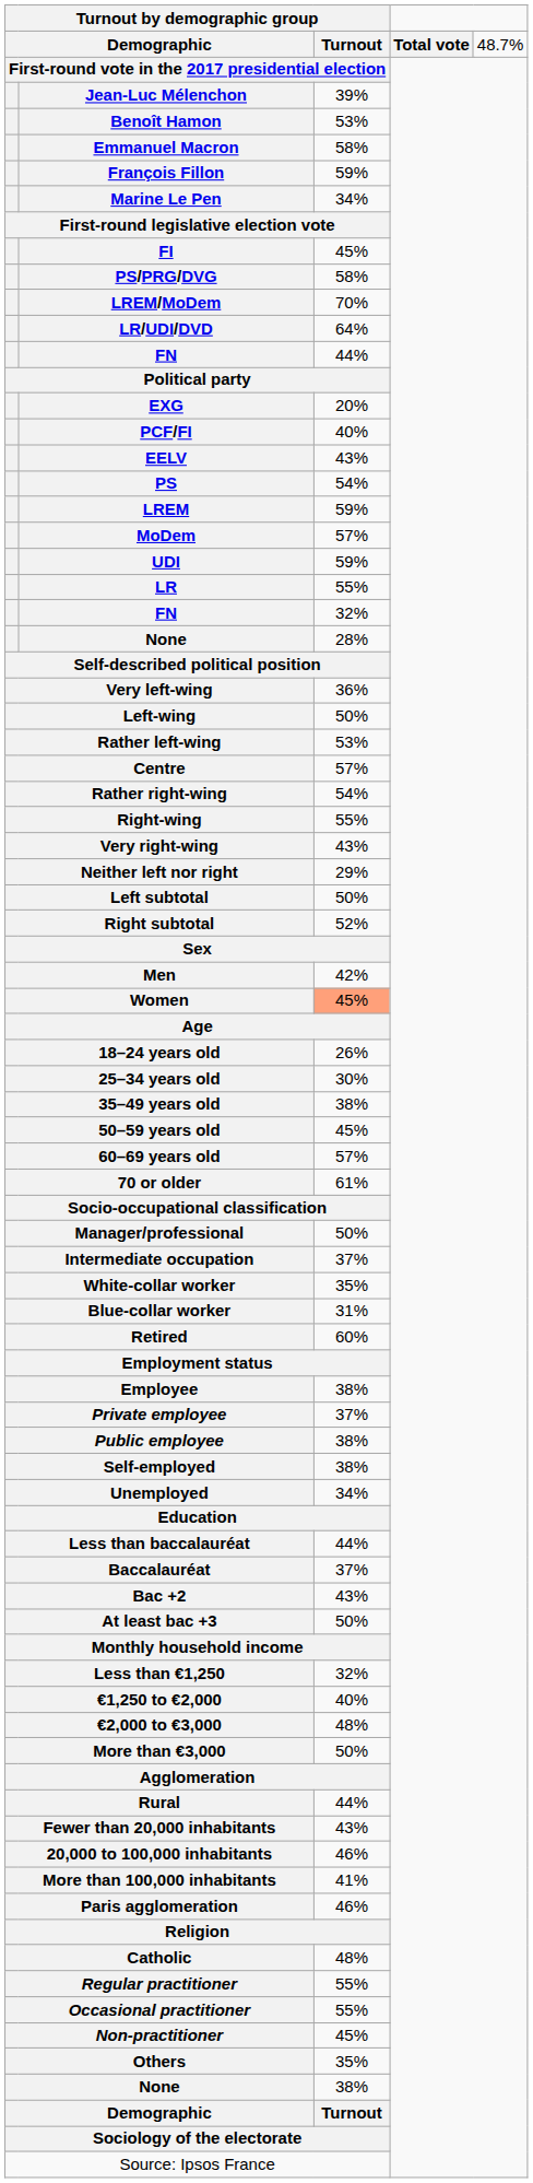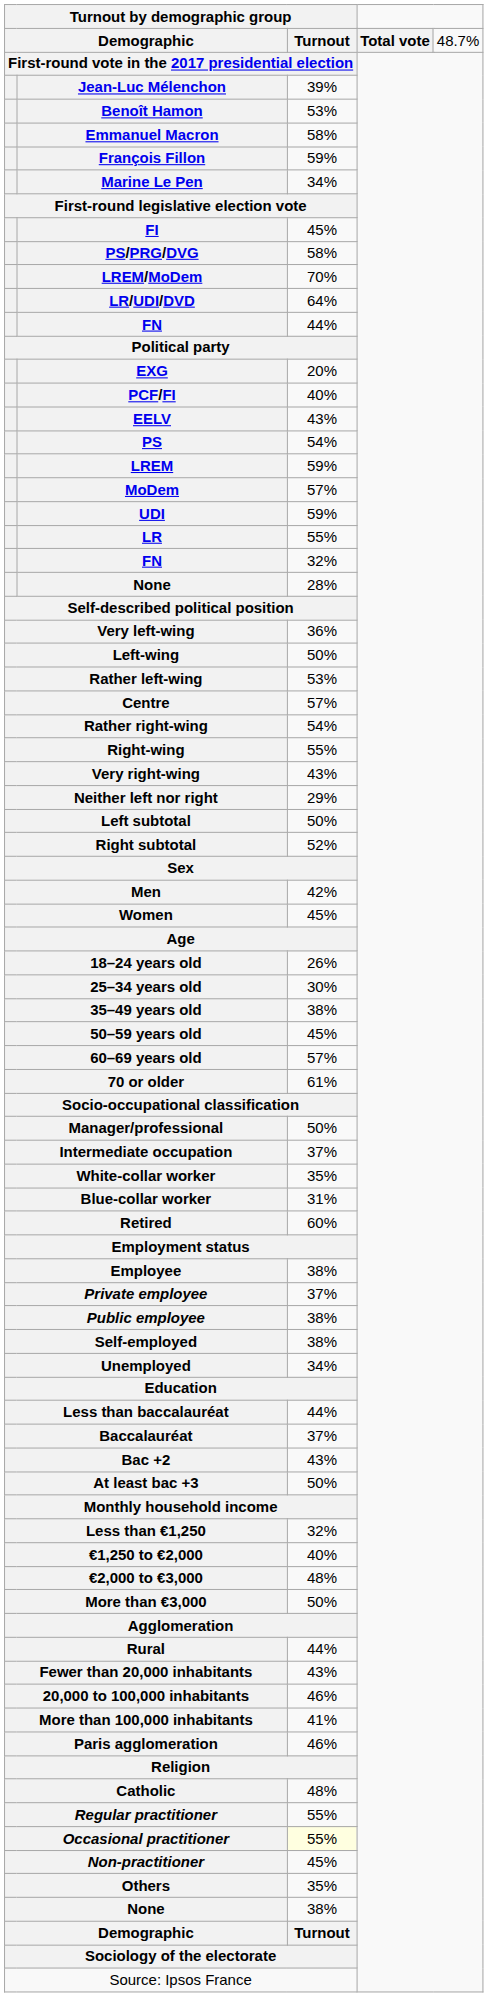 <table class="wikitable sortable" style="font-size:90%;text-align:center;">
 <tr>
 <th colspan="3">Turnout by demographic group</th>
 </tr>
 <tr>
 <th scope="col" colspan="2" rowspan="2" class="unsortable" style="width:180px;">Demographic</th>
 <th scope="col" rowspan="2" style="width:60px;">Turnout</th>
 </tr>
 <tr>
 <th colspan="2">Total vote</th>
 <td>48.7%</td>
 </tr>
 <tr class="sortbottom">
 <th colspan="3">First-round vote in the <a href='#'>2017 presidential election</a></th>
 </tr>
 <tr>
 <th style="background:"></th>
 <th><a href='#'>Jean-Luc Mélenchon</a></th>
 <td>39%</td>
 </tr>
 <tr>
 <th style="background:"></th>
 <th><a href='#'>Benoît Hamon</a></th>
 <td>53%</td>
 </tr>
 <tr>
 <th style="background:"></th>
 <th><a href='#'>Emmanuel Macron</a></th>
 <td>58%</td>
 </tr>
 <tr>
 <th style="background:"></th>
 <th><a href='#'>François Fillon</a></th>
 <td>59%</td>
 </tr>
 <tr>
 <th style="background:"></th>
 <th><a href='#'>Marine Le Pen</a></th>
 <td>34%</td>
 </tr>
 <tr class="sortbottom">
 <th colspan="3">First-round legislative election vote</th>
 </tr>
 <tr>
 <th style="background:"></th>
 <th><a href='#'>FI</a></th>
 <td>45%</td>
 </tr>
 <tr>
 <th style="background:"></th>
 <th><a href='#'>PS</a>/<a href='#'>PRG</a>/<a href='#'>DVG</a></th>
 <td>58%</td>
 </tr>
 <tr>
 <th style="background:"></th>
 <th><a href='#'>LREM</a>/<a href='#'>MoDem</a></th>
 <td>70%</td>
 </tr>
 <tr>
 <th style="background:"></th>
 <th><a href='#'>LR</a>/<a href='#'>UDI</a>/<a href='#'>DVD</a></th>
 <td>64%</td>
 </tr>
 <tr>
 <th style="background:"></th>
 <th><a href='#'>FN</a></th>
 <td>44%</td>
 </tr>
 <tr class="sortbottom">
 <th colspan="3">Political party</th>
 </tr>
 <tr>
 <th style="background:"></th>
 <th><a href='#'>EXG</a></th>
 <td>20%</td>
 </tr>
 <tr>
 <th style="background:"></th>
 <th><a href='#'>PCF</a>/<a href='#'>FI</a></th>
 <td>40%</td>
 </tr>
 <tr>
 <th style="background:"></th>
 <th><a href='#'>EELV</a></th>
 <td>43%</td>
 </tr>
 <tr>
 <th style="background:"></th>
 <th><a href='#'>PS</a></th>
 <td>54%</td>
 </tr>
 <tr>
 <th style="background:"></th>
 <th><a href='#'>LREM</a></th>
 <td>59%</td>
 </tr>
 <tr>
 <th style="background:"></th>
 <th><a href='#'>MoDem</a></th>
 <td>57%</td>
 </tr>
 <tr>
 <th style="background:"></th>
 <th><a href='#'>UDI</a></th>
 <td>59%</td>
 </tr>
 <tr>
 <th style="background:"></th>
 <th><a href='#'>LR</a></th>
 <td>55%</td>
 </tr>
 <tr>
 <th style="background:"></th>
 <th><a href='#'>FN</a></th>
 <td>32%</td>
 </tr>
 <tr>
 <th style="background:"></th>
 <th>None</th>
 <td>28%</td>
 </tr>
 <tr class="sortbottom">
 <th colspan="3">Self-described political position</th>
 </tr>
 <tr>
 <th colspan="2">Very left-wing</th>
 <td>36%</td>
 </tr>
 <tr>
 <th colspan="2">Left-wing</th>
 <td>50%</td>
 </tr>
 <tr>
 <th colspan="2">Rather left-wing</th>
 <td>53%</td>
 </tr>
 <tr>
 <th colspan="2">Centre</th>
 <td>57%</td>
 </tr>
 <tr>
 <th colspan="2">Rather right-wing</th>
 <td>54%</td>
 </tr>
 <tr>
 <th colspan="2">Right-wing</th>
 <td>55%</td>
 </tr>
 <tr>
 <th colspan="2">Very right-wing</th>
 <td>43%</td>
 </tr>
 <tr>
 <th colspan="2">Neither left nor right</th>
 <td>29%</td>
 </tr>
 <tr>
 <th colspan="2">Left subtotal</th>
 <td>50%</td>
 </tr>
 <tr>
 <th colspan="2">Right subtotal</th>
 <td>52%</td>
 </tr>
 <tr class="sortbottom">
 <th colspan="3">Sex</th>
 </tr>
 <tr>
 <th colspan="2">Men</th>
 <td>42%</td>
 </tr>
 <tr>
 <th colspan="2">Women</th>
-<td style="background: lightsalmon;">45%</td>
+<td>45%</td>
 </tr>
 <tr class="sortbottom">
 <th colspan="3">Age</th>
 </tr>
 <tr>
 <th colspan="2">18–24 years old</th>
 <td>26%</td>
 </tr>
 <tr>
 <th colspan="2">25–34 years old</th>
 <td>30%</td>
 </tr>
 <tr>
 <th colspan="2">35–49 years old</th>
 <td>38%</td>
 </tr>
 <tr>
 <th colspan="2">50–59 years old</th>
 <td>45%</td>
 </tr>
 <tr>
 <th colspan="2">60–69 years old</th>
 <td>57%</td>
 </tr>
 <tr>
 <th colspan="2">70 or older</th>
 <td>61%</td>
 </tr>
 <tr class="sortbottom">
 <th colspan="3">Socio-occupational classification</th>
 </tr>
 <tr>
 <th colspan="2">Manager/professional</th>
 <td>50%</td>
 </tr>
 <tr>
 <th colspan="2">Intermediate occupation</th>
 <td>37%</td>
 </tr>
 <tr>
 <th colspan="2">White-collar worker</th>
 <td>35%</td>
 </tr>
 <tr>
 <th colspan="2">Blue-collar worker</th>
 <td>31%</td>
 </tr>
 <tr>
 <th colspan="2">Retired</th>
 <td>60%</td>
 </tr>
 <tr class="sortbottom">
 <th colspan="3">Employment status</th>
 </tr>
 <tr>
 <th colspan="2">Employee</th>
 <td>38%</td>
 </tr>
 <tr>
 <th colspan="2"><em>Private employee</em></th>
 <td>37%</td>
 </tr>
 <tr>
 <th colspan="2"><em>Public employee</em></th>
 <td>38%</td>
 </tr>
 <tr>
 <th colspan="2">Self-employed</th>
 <td>38%</td>
 </tr>
 <tr>
 <th colspan="2">Unemployed</th>
 <td>34%</td>
 </tr>
 <tr class="sortbottom">
 <th colspan="3">Education</th>
 </tr>
 <tr>
 <th colspan="2">Less than baccalauréat</th>
 <td>44%</td>
 </tr>
 <tr>
 <th colspan="2">Baccalauréat</th>
 <td>37%</td>
 </tr>
 <tr>
 <th colspan="2">Bac +2</th>
 <td>43%</td>
 </tr>
 <tr>
 <th colspan="2">At least bac +3</th>
 <td>50%</td>
 </tr>
 <tr class="sortbottom">
 <th colspan="3">Monthly household income</th>
 </tr>
 <tr>
 <th colspan="2">Less than €1,250</th>
 <td>32%</td>
 </tr>
 <tr>
 <th colspan="2">€1,250 to €2,000</th>
 <td>40%</td>
 </tr>
 <tr>
 <th colspan="2">€2,000 to €3,000</th>
 <td>48%</td>
 </tr>
 <tr>
 <th colspan="2">More than €3,000</th>
 <td>50%</td>
 </tr>
 <tr class="sortbottom">
 <th colspan="3">Agglomeration</th>
 </tr>
 <tr>
 <th colspan="2">Rural</th>
 <td>44%</td>
 </tr>
 <tr>
 <th colspan="2">Fewer than 20,000 inhabitants</th>
 <td>43%</td>
 </tr>
 <tr>
 <th colspan="2">20,000 to 100,000 inhabitants</th>
 <td>46%</td>
 </tr>
 <tr>
 <th colspan="2">More than 100,000 inhabitants</th>
 <td>41%</td>
 </tr>
 <tr>
 <th colspan="2">Paris agglomeration</th>
 <td>46%</td>
 </tr>
 <tr class="sortbottom">
 <th colspan="3">Religion</th>
 </tr>
 <tr>
 <th colspan="2">Catholic</th>
 <td>48%</td>
 </tr>
 <tr>
 <th colspan="2"><em>Regular practitioner</em></th>
 <td>55%</td>
 </tr>
 <tr>
 <th colspan="2"><em>Occasional practitioner</em></th>
-<td>55%</td>
+<td style="background: lightyellow;">55%</td>
 </tr>
 <tr>
 <th colspan="2"><em>Non-practitioner</em></th>
 <td>45%</td>
 </tr>
 <tr>
 <th colspan="2">Others</th>
 <td>35%</td>
 </tr>
 <tr>
 <th colspan="2">None</th>
 <td>38%</td>
 </tr>
 <tr class="sortbottom">
 <th colspan="2">Demographic</th>
 <th scope="col" style="width:60px;">Turnout</th>
 </tr>
 <tr class="sortbottom">
 <th colspan="3">Sociology of the electorate</th>
 </tr>
 <tr class="sortbottom">
 <td colspan="3">Source: Ipsos France</td>
 </tr>
 </table>
